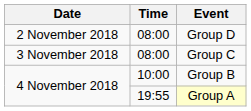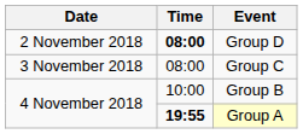 <table class = "wikitable" style="text-align:center;">
 <tr>
 <th width=150>Date</th>
 <th width=50>Time</th>
 <th width=80>Event</th>
 </tr>
 <tr>
 <td>2 November 2018</td>
-<td>08:00</td>
+<td><strong>08:00</strong></td>
 <td>Group D</td>
 </tr>
 <tr>
 <td>3 November 2018</td>
 <td>08:00</td>
 <td>Group C</td>
 </tr>
 <tr>
 <td rowspan=2>4 November 2018</td>
 <td>10:00</td>
 <td>Group B</td>
 </tr>
 <tr>
-<td>19:55</td>
+<td><strong>19:55</strong></td>
 <td bgcolor=ffffcc>Group A</td>
 </tr>
 </table>
